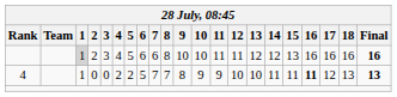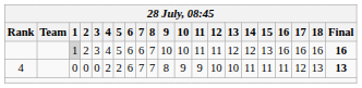 <table class=wikitable style="text-align:center; width: 55%">
 <tr>
 <th colspan=21><em>28 July, 08:45</em></th>
 </tr>
 <tr>
 <th>Rank</th>
 <th>Team</th>
 <th>1</th>
 <th>2</th>
 <th>3</th>
 <th>4</th>
 <th>5</th>
 <th>6</th>
 <th>7</th>
 <th>8</th>
 <th>9</th>
 <th>10</th>
 <th>11</th>
 <th>12</th>
 <th>13</th>
 <th>14</th>
 <th>15</th>
 <th>16</th>
 <th>17</th>
 <th>18</th>
 <th>Final</th>
 </tr>
 <tr>
 <td></td>
 <td align=left><strong></strong></td>
 <td style="background: lightgrey;">1</td>
 <td>2</td>
 <td>3</td>
 <td>4</td>
 <td>5</td>
 <td>6</td>
 <td>6</td>
-<td>8</td>
+<td>7</td>
 <td>10</td>
 <td>10</td>
 <td>11</td>
 <td>11</td>
 <td>12</td>
 <td>12</td>
 <td>13</td>
 <td>16</td>
 <td>16</td>
 <td>16</td>
 <td><strong>16</strong></td>
 </tr>
 <tr>
 <td>4</td>
 <td align=left></td>
-<td>1</td>
+<td>0</td>
 <td>0</td>
 <td>0</td>
 <td>2</td>
 <td>2</td>
-<td>5</td>
+<td>6</td>
 <td>7</td>
 <td>7</td>
 <td>8</td>
 <td>9</td>
 <td>9</td>
 <td>10</td>
 <td>10</td>
 <td>11</td>
 <td>11</td>
-<td><strong>11</strong></td>
+<td>11</td>
 <td>12</td>
 <td>13</td>
 <td><strong>13</strong></td>
 </tr>
 <tr>
 <td colspan=21></td>
 </tr>
 </table>
